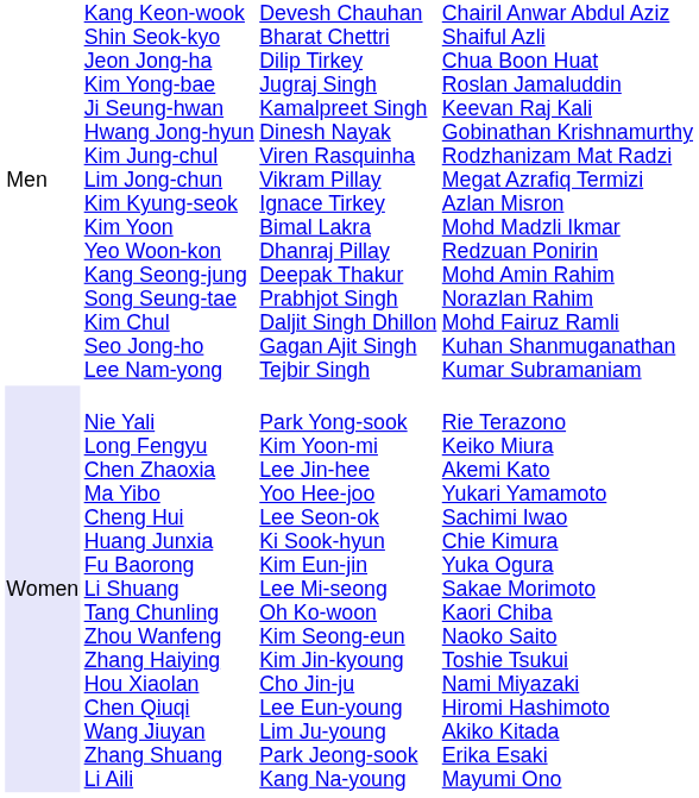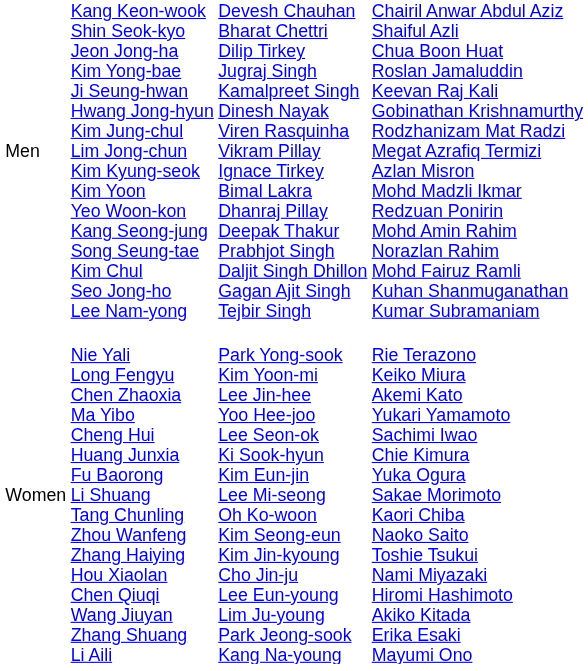 <table>
 <tr>
 <td>Men<br></td>
 <td><br><a href='#'>Kang Keon-wook</a><br><a href='#'>Shin Seok-kyo</a><br><a href='#'>Jeon Jong-ha</a><br><a href='#'>Kim Yong-bae</a><br><a href='#'>Ji Seung-hwan</a><br><a href='#'>Hwang Jong-hyun</a><br><a href='#'>Kim Jung-chul</a><br><a href='#'>Lim Jong-chun</a><br><a href='#'>Kim Kyung-seok</a><br><a href='#'>Kim Yoon</a><br><a href='#'>Yeo Woon-kon</a><br><a href='#'>Kang Seong-jung</a><br><a href='#'>Song Seung-tae</a><br><a href='#'>Kim Chul</a><br><a href='#'>Seo Jong-ho</a><br><a href='#'>Lee Nam-yong</a></td>
 <td><br><a href='#'>Devesh Chauhan</a><br><a href='#'>Bharat Chettri</a><br><a href='#'>Dilip Tirkey</a><br><a href='#'>Jugraj Singh</a><br><a href='#'>Kamalpreet Singh</a><br><a href='#'>Dinesh Nayak</a><br><a href='#'>Viren Rasquinha</a><br><a href='#'>Vikram Pillay</a><br><a href='#'>Ignace Tirkey</a><br><a href='#'>Bimal Lakra</a><br><a href='#'>Dhanraj Pillay</a><br><a href='#'>Deepak Thakur</a><br><a href='#'>Prabhjot Singh</a><br><a href='#'>Daljit Singh Dhillon</a><br><a href='#'>Gagan Ajit Singh</a><br><a href='#'>Tejbir Singh</a></td>
 <td><br><a href='#'>Chairil Anwar Abdul Aziz</a><br><a href='#'>Shaiful Azli</a><br><a href='#'>Chua Boon Huat</a><br><a href='#'>Roslan Jamaluddin</a><br><a href='#'>Keevan Raj Kali</a><br><a href='#'>Gobinathan Krishnamurthy</a><br><a href='#'>Rodzhanizam Mat Radzi</a><br><a href='#'>Megat Azrafiq Termizi</a><br><a href='#'>Azlan Misron</a><br><a href='#'>Mohd Madzli Ikmar</a><br><a href='#'>Redzuan Ponirin</a><br><a href='#'>Mohd Amin Rahim</a><br><a href='#'>Norazlan Rahim</a><br><a href='#'>Mohd Fairuz Ramli</a><br><a href='#'>Kuhan Shanmuganathan</a><br><a href='#'>Kumar Subramaniam</a></td>
 </tr>
 <tr>
-<td style="background: lavender;">Women<br></td>
+<td>Women<br></td>
 <td><br><a href='#'>Nie Yali</a><br><a href='#'>Long Fengyu</a><br><a href='#'>Chen Zhaoxia</a><br><a href='#'>Ma Yibo</a><br><a href='#'>Cheng Hui</a><br><a href='#'>Huang Junxia</a><br><a href='#'>Fu Baorong</a><br><a href='#'>Li Shuang</a><br><a href='#'>Tang Chunling</a><br><a href='#'>Zhou Wanfeng</a><br><a href='#'>Zhang Haiying</a><br><a href='#'>Hou Xiaolan</a><br><a href='#'>Chen Qiuqi</a><br><a href='#'>Wang Jiuyan</a><br><a href='#'>Zhang Shuang</a><br><a href='#'>Li Aili</a></td>
 <td><br><a href='#'>Park Yong-sook</a><br><a href='#'>Kim Yoon-mi</a><br><a href='#'>Lee Jin-hee</a><br><a href='#'>Yoo Hee-joo</a><br><a href='#'>Lee Seon-ok</a><br><a href='#'>Ki Sook-hyun</a><br><a href='#'>Kim Eun-jin</a><br><a href='#'>Lee Mi-seong</a><br><a href='#'>Oh Ko-woon</a><br><a href='#'>Kim Seong-eun</a><br><a href='#'>Kim Jin-kyoung</a><br><a href='#'>Cho Jin-ju</a><br><a href='#'>Lee Eun-young</a><br><a href='#'>Lim Ju-young</a><br><a href='#'>Park Jeong-sook</a><br><a href='#'>Kang Na-young</a></td>
 <td><br><a href='#'>Rie Terazono</a><br><a href='#'>Keiko Miura</a><br><a href='#'>Akemi Kato</a><br><a href='#'>Yukari Yamamoto</a><br><a href='#'>Sachimi Iwao</a><br><a href='#'>Chie Kimura</a><br><a href='#'>Yuka Ogura</a><br><a href='#'>Sakae Morimoto</a><br><a href='#'>Kaori Chiba</a><br><a href='#'>Naoko Saito</a><br><a href='#'>Toshie Tsukui</a><br><a href='#'>Nami Miyazaki</a><br><a href='#'>Hiromi Hashimoto</a><br><a href='#'>Akiko Kitada</a><br><a href='#'>Erika Esaki</a><br><a href='#'>Mayumi Ono</a></td>
 </tr>
 </table>
